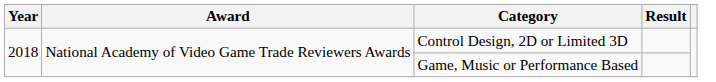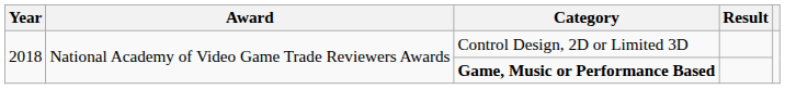 <table class="wikitable sortable">
 <tr>
 <th>Year</th>
 <th>Award</th>
 <th>Category</th>
 <th>Result</th>
 <th></th>
 </tr>
 <tr>
 <td style="text-align:center;" rowspan="2">2018</td>
 <td rowspan="2">National Academy of Video Game Trade Reviewers Awards</td>
 <td>Control Design, 2D or Limited 3D</td>
 <td></td>
 <td rowspan="2" style="text-align:center;"></td>
 </tr>
 <tr>
-<td>Game, Music or Performance Based</td>
+<td><strong>Game, Music or Performance Based</strong></td>
 <td></td>
 </tr>
 </table>
